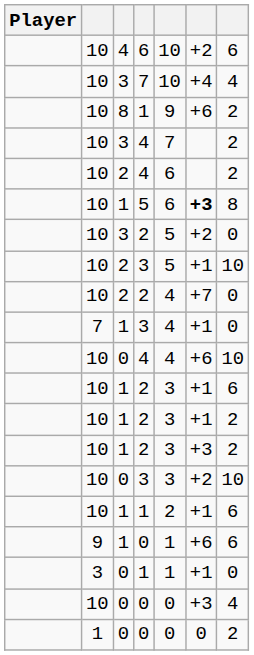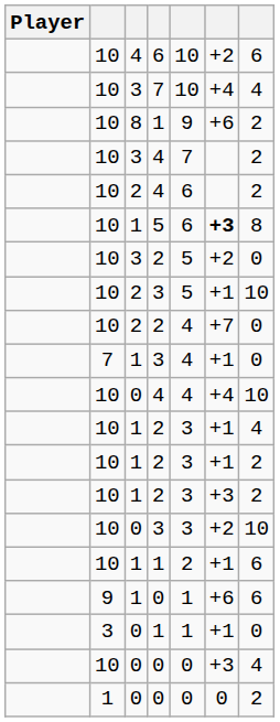 <table class="wikitable sortable" style="text-align:center;">
 <tr>
 <th>Player</th>
 <th></th>
 <th></th>
 <th></th>
 <th></th>
 <th data-sort-type="number"></th>
 <th></th>
 </tr>
 <tr>
 <td></td>
 <td>10</td>
 <td>4</td>
 <td>6</td>
 <td>10</td>
 <td>+2</td>
 <td>6</td>
 </tr>
 <tr>
 <td></td>
 <td>10</td>
 <td>3</td>
 <td>7</td>
 <td>10</td>
 <td>+4</td>
 <td>4</td>
 </tr>
 <tr>
 <td></td>
 <td>10</td>
 <td>8</td>
 <td>1</td>
 <td>9</td>
 <td>+6</td>
 <td>2</td>
 </tr>
 <tr>
 <td></td>
 <td>10</td>
 <td>3</td>
 <td>4</td>
 <td>7</td>
 <td></td>
 <td>2</td>
 </tr>
 <tr>
 <td></td>
 <td>10</td>
 <td>2</td>
 <td>4</td>
 <td>6</td>
 <td></td>
 <td>2</td>
 </tr>
 <tr>
 <td></td>
 <td>10</td>
 <td>1</td>
 <td>5</td>
 <td>6</td>
 <td><strong>+3</strong></td>
 <td>8</td>
 </tr>
 <tr>
 <td></td>
 <td>10</td>
 <td>3</td>
 <td>2</td>
 <td>5</td>
 <td>+2</td>
 <td>0</td>
 </tr>
 <tr>
 <td></td>
 <td>10</td>
 <td>2</td>
 <td>3</td>
 <td>5</td>
 <td>+1</td>
 <td>10</td>
 </tr>
 <tr>
 <td></td>
 <td>10</td>
 <td>2</td>
 <td>2</td>
 <td>4</td>
 <td>+7</td>
 <td>0</td>
 </tr>
 <tr>
 <td></td>
 <td>7</td>
 <td>1</td>
 <td>3</td>
 <td>4</td>
 <td>+1</td>
 <td>0</td>
 </tr>
 <tr>
 <td></td>
 <td>10</td>
 <td>0</td>
 <td>4</td>
 <td>4</td>
-<td>+6</td>
+<td>+4</td>
 <td>10</td>
 </tr>
 <tr>
 <td></td>
 <td>10</td>
 <td>1</td>
 <td>2</td>
 <td>3</td>
 <td>+1</td>
-<td>6</td>
+<td>4</td>
 </tr>
 <tr>
 <td></td>
 <td>10</td>
 <td>1</td>
 <td>2</td>
 <td>3</td>
 <td>+1</td>
 <td>2</td>
 </tr>
 <tr>
 <td></td>
 <td>10</td>
 <td>1</td>
 <td>2</td>
 <td>3</td>
 <td>+3</td>
 <td>2</td>
 </tr>
 <tr>
 <td></td>
 <td>10</td>
 <td>0</td>
 <td>3</td>
 <td>3</td>
 <td>+2</td>
 <td>10</td>
 </tr>
 <tr>
 <td></td>
 <td>10</td>
 <td>1</td>
 <td>1</td>
 <td>2</td>
 <td>+1</td>
 <td>6</td>
 </tr>
 <tr>
 <td></td>
 <td>9</td>
 <td>1</td>
 <td>0</td>
 <td>1</td>
 <td>+6</td>
 <td>6</td>
 </tr>
 <tr>
 <td></td>
 <td>3</td>
 <td>0</td>
 <td>1</td>
 <td>1</td>
 <td>+1</td>
 <td>0</td>
 </tr>
 <tr>
 <td></td>
 <td>10</td>
 <td>0</td>
 <td>0</td>
 <td>0</td>
 <td>+3</td>
 <td>4</td>
 </tr>
 <tr>
 <td></td>
 <td>1</td>
 <td>0</td>
 <td>0</td>
 <td>0</td>
 <td>0</td>
 <td>2</td>
 </tr>
 </table>
